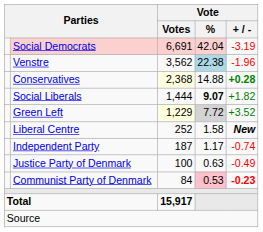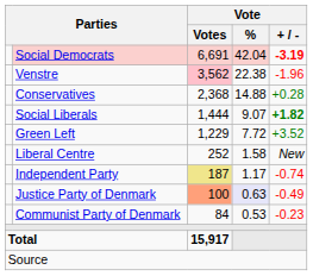 <table class="wikitable" style="text-align:right;">
 <tr>
 <th style="text-align:centre;" rowspan="2" colspan="2" width="225">Parties</th>
 <th colspan="3">Vote</th>
 </tr>
 <tr>
 <th width="15">Votes</th>
 <th width="15">%</th>
 <th width="15">+ / -</th>
 </tr>
 <tr>
 <td width="2" style="color:inherit;background:"></td>
 <td bgcolor=#fbd0ce  align="left"><a href='#'>Social Democrats</a></td>
 <td bgcolor=#fbd0ce>6,691</td>
 <td bgcolor=#fbd0ce>42.04</td>
-<td style=color:red;>-3.19</td>
+<td style=color:red;><strong>-3.19</strong></td>
 </tr>
 <tr>
 <td width="2" style="color:inherit;background:"></td>
 <td align="left"><a href='#'>Venstre</a></td>
-<td>3,562</td>
-<td style="background: lightblue;">22.38</td>
+<td style="background: pink;">3,562</td>
+<td>22.38</td>
 <td style=color:red;>-1.96</td>
 </tr>
 <tr>
 <td width="2" style="color:inherit;background:"></td>
 <td align="left"><a href='#'>Conservatives</a></td>
-<td style="background: lightyellow;">2,368</td>
+<td>2,368</td>
 <td>14.88</td>
-<td style=color:green;><strong>+0.28</strong></td>
+<td style=color:green;>+0.28</td>
 </tr>
 <tr>
 <td width="2" style="color:inherit;background:"></td>
 <td align="left"><a href='#'>Social Liberals</a></td>
 <td>1,444</td>
-<td><strong>9.07</strong></td>
-<td style=color:green;>+1.82</td>
+<td>9.07</td>
+<td style=color:green;><strong>+1.82</strong></td>
 </tr>
 <tr>
 <td width="2" style="color:inherit;background:"></td>
 <td align="left"><a href='#'>Green Left</a></td>
-<td style="background: lightyellow;">1,229</td>
-<td style="background: lightgrey;">7.72</td>
+<td>1,229</td>
+<td>7.72</td>
 <td style=color:green;>+3.52</td>
 </tr>
 <tr>
 <td width="2" style="color:inherit;background:"></td>
 <td align="left"><a href='#'>Liberal Centre</a></td>
 <td>252</td>
 <td>1.58</td>
-<td><strong><em>New</em></strong></td>
+<td><em>New</em></td>
 </tr>
 <tr>
 <td width="2" style="color:inherit;background:"></td>
 <td align="left"><a href='#'>Independent Party</a></td>
-<td>187</td>
+<td style="background: khaki;">187</td>
 <td>1.17</td>
 <td style=color:red;>-0.74</td>
 </tr>
 <tr>
 <td width="2" style="color:inherit;background:"></td>
 <td align="left"><a href='#'>Justice Party of Denmark</a></td>
-<td>100</td>
-<td>0.63</td>
+<td style="background: lightsalmon;">100</td>
+<td style="background: lavender;">0.63</td>
 <td style=color:red;>-0.49</td>
 </tr>
 <tr>
 <td width="2" style="color:inherit;background:"></td>
 <td align="left"><a href='#'>Communist Party of Denmark</a></td>
 <td>84</td>
-<td style="background: pink;">0.53</td>
-<td style=color:red;><strong>-0.23</strong></td>
+<td>0.53</td>
+<td style=color:red;>-0.23</td>
 </tr>
 <tr>
 <td colspan="7" bgcolor="#E9E9E9"></td>
 </tr>
 <tr>
 <td align="left" colspan="2"><strong>Total</strong></td>
 <td><strong>15,917</strong></td>
 <td bgcolor="#E9E9E9" colspan="2"></td>
 </tr>
 <tr>
 <td align="left" colspan="6">Source</td>
 </tr>
 </table>
